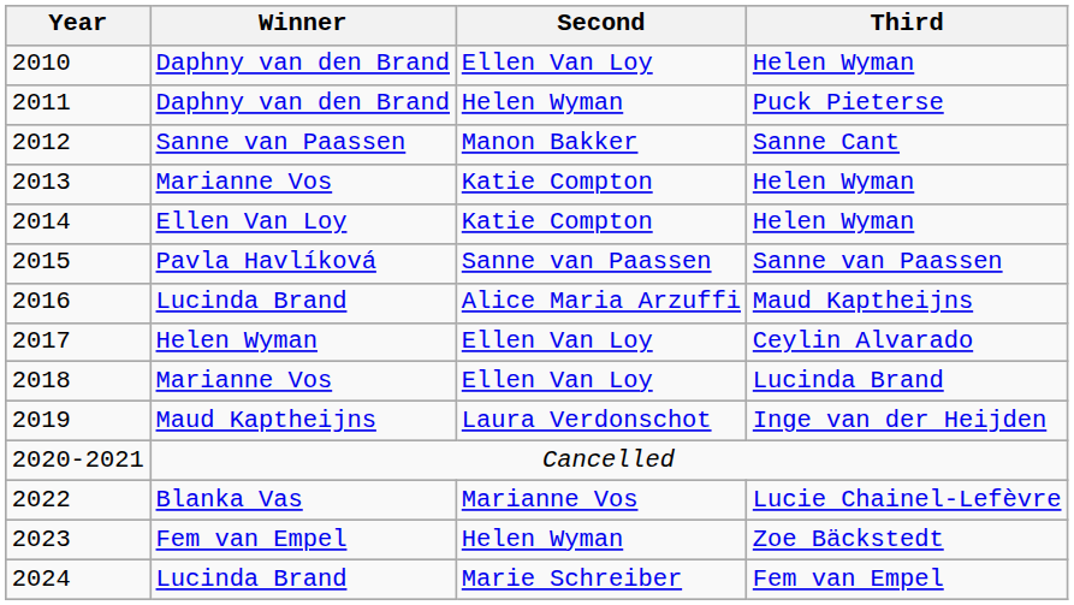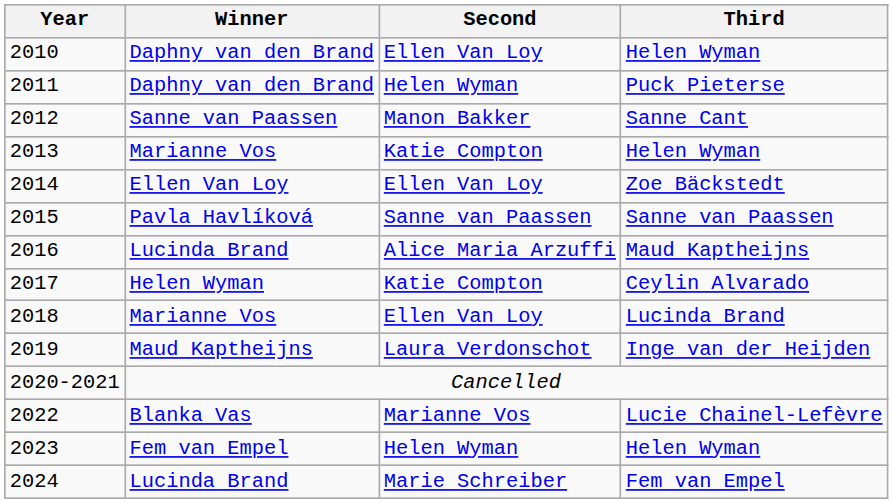 <table class="wikitable sortable" style="font-size:95%">
 <tr>
 <th>Year</th>
 <th>Winner</th>
 <th>Second</th>
 <th>Third</th>
 </tr>
 <tr ---->
 <td>2010</td>
 <td> <a href='#'>Daphny van den Brand</a></td>
 <td> <a href='#'>Ellen Van Loy</a></td>
 <td> <a href='#'>Helen Wyman</a></td>
 </tr>
 <tr ---->
 <td>2011</td>
 <td> <a href='#'>Daphny van den Brand</a></td>
 <td> <a href='#'>Helen Wyman</a></td>
 <td> <a href='#'>Puck Pieterse</a></td>
 </tr>
 <tr ---->
 <td>2012</td>
 <td> <a href='#'>Sanne van Paassen</a></td>
 <td> <a href='#'>Manon Bakker</a></td>
 <td> <a href='#'>Sanne Cant</a></td>
 </tr>
 <tr ---->
 <td>2013</td>
 <td> <a href='#'>Marianne Vos</a></td>
 <td> <a href='#'>Katie Compton</a></td>
 <td> <a href='#'>Helen Wyman</a></td>
 </tr>
 <tr ---->
 <td>2014</td>
 <td> <a href='#'>Ellen Van Loy</a></td>
-<td> <a href='#'>Katie Compton</a></td>
-<td> <a href='#'>Helen Wyman</a></td>
+<td> <a href='#'>Ellen Van Loy</a></td>
+<td> <a href='#'>Zoe Bäckstedt</a></td>
 </tr>
 <tr ---->
 <td>2015</td>
 <td> <a href='#'>Pavla Havlíková</a></td>
 <td> <a href='#'>Sanne van Paassen</a></td>
 <td> <a href='#'>Sanne van Paassen</a></td>
 </tr>
 <tr ---->
 <td>2016</td>
 <td> <a href='#'>Lucinda Brand</a></td>
 <td> <a href='#'>Alice Maria Arzuffi</a></td>
 <td> <a href='#'>Maud Kaptheijns</a></td>
 </tr>
 <tr ---->
 <td>2017</td>
 <td> <a href='#'>Helen Wyman</a></td>
-<td> <a href='#'>Ellen Van Loy</a></td>
+<td> <a href='#'>Katie Compton</a></td>
 <td> <a href='#'>Ceylin Alvarado</a></td>
 </tr>
 <tr ---->
 <td>2018</td>
 <td> <a href='#'>Marianne Vos</a></td>
 <td> <a href='#'>Ellen Van Loy</a></td>
 <td> <a href='#'>Lucinda Brand</a></td>
 </tr>
 <tr ---->
 <td>2019</td>
 <td> <a href='#'>Maud Kaptheijns</a></td>
 <td> <a href='#'>Laura Verdonschot</a></td>
 <td> <a href='#'>Inge van der Heijden</a></td>
 </tr>
 <tr ---->
 <td>2020-2021</td>
 <td colspan=3 align=center><em>Cancelled</em></td>
 </tr>
 <tr ---->
 <td>2022</td>
 <td> <a href='#'>Blanka Vas</a></td>
 <td> <a href='#'>Marianne Vos</a></td>
 <td> <a href='#'>Lucie Chainel-Lefèvre</a></td>
 </tr>
 <tr>
 <td>2023</td>
 <td> <a href='#'>Fem van Empel</a></td>
 <td> <a href='#'>Helen Wyman</a></td>
-<td> <a href='#'>Zoe Bäckstedt</a></td>
+<td> <a href='#'>Helen Wyman</a></td>
 </tr>
 <tr>
 <td>2024</td>
 <td> <a href='#'>Lucinda Brand</a></td>
 <td> <a href='#'>Marie Schreiber</a></td>
 <td> <a href='#'>Fem van Empel</a></td>
 </tr>
 </table>
